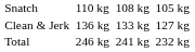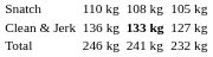 <table>
 <tr>
 <td>Snatch</td>
 <td></td>
 <td>110 kg</td>
 <td></td>
 <td>108 kg</td>
 <td></td>
 <td>105 kg</td>
 </tr>
 <tr>
 <td>Clean & Jerk</td>
 <td></td>
 <td>136 kg</td>
 <td></td>
-<td>133 kg</td>
+<td><strong>133 kg</strong></td>
 <td></td>
 <td>127 kg</td>
 </tr>
 <tr>
 <td>Total</td>
 <td></td>
 <td>246 kg</td>
 <td></td>
 <td>241 kg</td>
 <td></td>
 <td>232 kg</td>
 </tr>
 </table>
